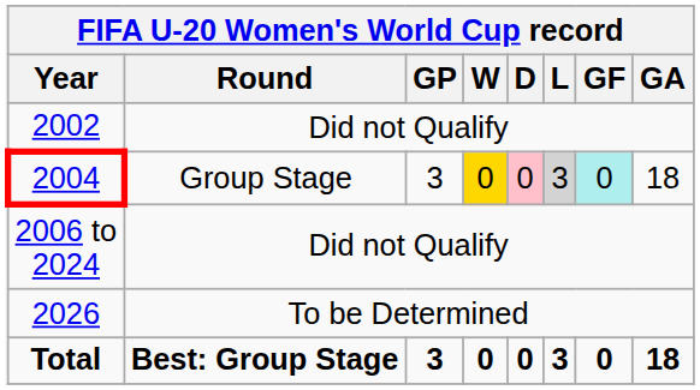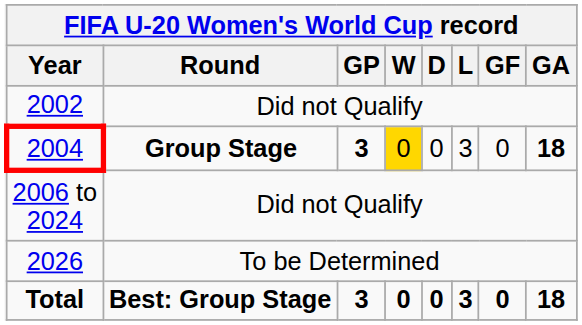 <table class="wikitable" style="text-align:center; font-size:90%;">
 <tr>
 <th colspan=8><a href='#'>FIFA U-20 Women's World Cup</a> record</th>
 </tr>
 <tr>
 <th>Year</th>
 <th>Round</th>
 <th>GP</th>
 <th>W</th>
 <th>D</th>
 <th>L</th>
 <th>GF</th>
 <th>GA</th>
 </tr>
 <tr>
 <td> <a href='#'>2002</a></td>
 <td colspan=7>Did not Qualify</td>
 </tr>
 <tr>
 <td style="border: 3px solid red"> <a href='#'>2004</a></td>
-<td>Group Stage</td>
+<td><strong>Group Stage</strong></td>
+<td><strong>3</strong></td>
+<td style="background: gold;">0</td>
+<td>0</td>
 <td>3</td>
-<td style="background: gold;">0</td>
-<td style="background: pink;">0</td>
-<td style="background: lightgrey;">3</td>
-<td style="background: paleturquoise;">0</td>
-<td>18</td>
+<td>0</td>
+<td><strong>18</strong></td>
 </tr>
 <tr>
 <td> <a href='#'>2006</a> to <br>  <a href='#'>2024</a></td>
 <td colspan=7>Did not Qualify</td>
 </tr>
 <tr>
 <td> <a href='#'>2026</a></td>
 <td colspan=7>To be Determined</td>
 </tr>
 <tr>
 <td><strong>Total</strong></td>
 <td><strong>Best: Group Stage</strong></td>
 <td><strong>3</strong></td>
 <td><strong>0</strong></td>
 <td><strong>0</strong></td>
 <td><strong>3</strong></td>
 <td><strong>0</strong></td>
 <td><strong>18</strong></td>
 </tr>
 </table>
